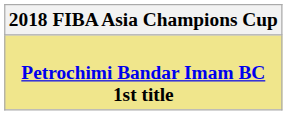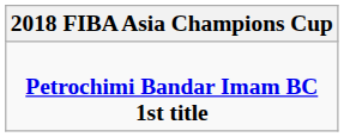 <table class=wikitable style="text-align:center; margin:auto">
 <tr>
 <th>2018 FIBA Asia Champions Cup</th>
 </tr>
 <tr>
-<td style="background: khaki;"><br><strong><a href='#'>Petrochimi Bandar Imam BC</a></strong><br><strong>1st title</strong></td>
+<td><br><strong><a href='#'>Petrochimi Bandar Imam BC</a></strong><br><strong>1st title</strong></td>
 </tr>
 </table>
